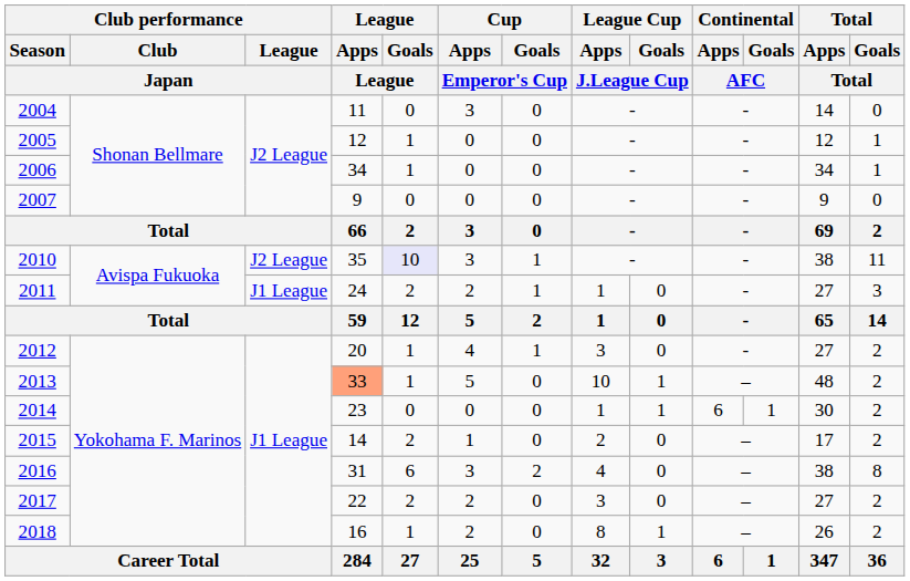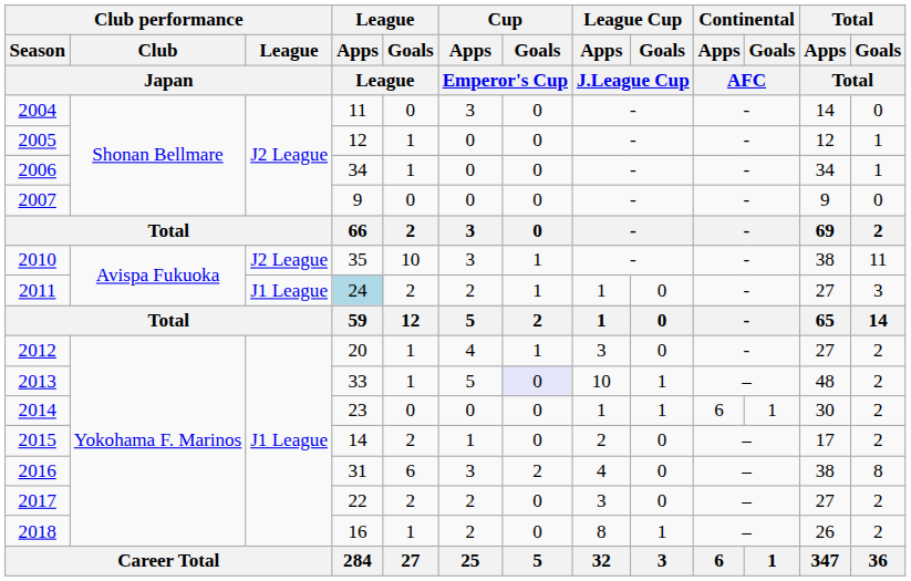 <table class="wikitable" style="text-align:center;">
 <tr>
 <th colspan=3>Club performance</th>
 <th colspan=2>League</th>
 <th colspan=2>Cup</th>
 <th colspan=2>League Cup</th>
 <th colspan=2>Continental</th>
 <th colspan=2>Total</th>
 </tr>
 <tr>
 <th>Season</th>
 <th>Club</th>
 <th>League</th>
 <th>Apps</th>
 <th>Goals</th>
 <th>Apps</th>
 <th>Goals</th>
 <th>Apps</th>
 <th>Goals</th>
 <th>Apps</th>
 <th>Goals</th>
 <th>Apps</th>
 <th>Goals</th>
 </tr>
 <tr>
 <th colspan=3>Japan</th>
 <th colspan=2>League</th>
 <th colspan=2><a href='#'>Emperor's Cup</a></th>
 <th colspan=2><a href='#'>J.League Cup</a></th>
 <th colspan=2><a href='#'>AFC</a></th>
 <th colspan=2>Total</th>
 </tr>
 <tr>
 <td><a href='#'>2004</a></td>
 <td rowspan="4"><a href='#'>Shonan Bellmare</a></td>
 <td rowspan="4"><a href='#'>J2 League</a></td>
 <td>11</td>
 <td>0</td>
 <td>3</td>
 <td>0</td>
 <td colspan="2">-</td>
 <td colspan="2">-</td>
 <td>14</td>
 <td>0</td>
 </tr>
 <tr>
 <td><a href='#'>2005</a></td>
 <td>12</td>
 <td>1</td>
 <td>0</td>
 <td>0</td>
 <td colspan="2">-</td>
 <td colspan="2">-</td>
 <td>12</td>
 <td>1</td>
 </tr>
 <tr>
 <td><a href='#'>2006</a></td>
 <td>34</td>
 <td>1</td>
 <td>0</td>
 <td>0</td>
 <td colspan="2">-</td>
 <td colspan="2">-</td>
 <td>34</td>
 <td>1</td>
 </tr>
 <tr>
 <td><a href='#'>2007</a></td>
 <td>9</td>
 <td>0</td>
 <td>0</td>
 <td>0</td>
 <td colspan="2">-</td>
 <td colspan="2">-</td>
 <td>9</td>
 <td>0</td>
 </tr>
 <tr>
 <th colspan=3>Total</th>
 <th>66</th>
 <th>2</th>
 <th>3</th>
 <th>0</th>
 <th colspan="2">-</th>
 <th colspan="2">-</th>
 <th>69</th>
 <th>2</th>
 </tr>
 <tr>
 <td><a href='#'>2010</a></td>
 <td rowspan="2"><a href='#'>Avispa Fukuoka</a></td>
 <td><a href='#'>J2 League</a></td>
 <td>35</td>
-<td style="background: lavender;">10</td>
+<td>10</td>
 <td>3</td>
 <td>1</td>
 <td colspan="2">-</td>
 <td colspan="2">-</td>
 <td>38</td>
 <td>11</td>
 </tr>
 <tr>
 <td><a href='#'>2011</a></td>
 <td><a href='#'>J1 League</a></td>
-<td>24</td>
+<td style="background: lightblue;">24</td>
 <td>2</td>
 <td>2</td>
 <td>1</td>
 <td>1</td>
 <td>0</td>
 <td colspan="2">-</td>
 <td>27</td>
 <td>3</td>
 </tr>
 <tr>
 <th colspan=3>Total</th>
 <th>59</th>
 <th>12</th>
 <th>5</th>
 <th>2</th>
 <th>1</th>
 <th>0</th>
 <th colspan="2">-</th>
 <th>65</th>
 <th>14</th>
 </tr>
 <tr>
 <td><a href='#'>2012</a></td>
 <td rowspan="7"><a href='#'>Yokohama F. Marinos</a></td>
 <td rowspan="7"><a href='#'>J1 League</a></td>
 <td>20</td>
 <td>1</td>
 <td>4</td>
 <td>1</td>
 <td>3</td>
 <td>0</td>
 <td colspan="2">-</td>
 <td>27</td>
 <td>2</td>
 </tr>
 <tr>
 <td><a href='#'>2013</a></td>
-<td style="background: lightsalmon;">33</td>
+<td>33</td>
 <td>1</td>
 <td>5</td>
-<td>0</td>
+<td style="background: lavender;">0</td>
 <td>10</td>
 <td>1</td>
 <td colspan="2">–</td>
 <td>48</td>
 <td>2</td>
 </tr>
 <tr>
 <td><a href='#'>2014</a></td>
 <td>23</td>
 <td>0</td>
 <td>0</td>
 <td>0</td>
 <td>1</td>
 <td>1</td>
 <td>6</td>
 <td>1</td>
 <td>30</td>
 <td>2</td>
 </tr>
 <tr>
 <td><a href='#'>2015</a></td>
 <td>14</td>
 <td>2</td>
 <td>1</td>
 <td>0</td>
 <td>2</td>
 <td>0</td>
 <td colspan="2">–</td>
 <td>17</td>
 <td>2</td>
 </tr>
 <tr>
 <td><a href='#'>2016</a></td>
 <td>31</td>
 <td>6</td>
 <td>3</td>
 <td>2</td>
 <td>4</td>
 <td>0</td>
 <td colspan="2">–</td>
 <td>38</td>
 <td>8</td>
 </tr>
 <tr>
 <td><a href='#'>2017</a></td>
 <td>22</td>
 <td>2</td>
 <td>2</td>
 <td>0</td>
 <td>3</td>
 <td>0</td>
 <td colspan="2">–</td>
 <td>27</td>
 <td>2</td>
 </tr>
 <tr>
 <td><a href='#'>2018</a></td>
 <td>16</td>
 <td>1</td>
 <td>2</td>
 <td>0</td>
 <td>8</td>
 <td>1</td>
 <td colspan="2">–</td>
 <td>26</td>
 <td>2</td>
 </tr>
 <tr>
 <th colspan=3>Career Total</th>
 <th>284</th>
 <th>27</th>
 <th>25</th>
 <th>5</th>
 <th>32</th>
 <th>3</th>
 <th>6</th>
 <th>1</th>
 <th>347</th>
 <th>36</th>
 </tr>
 </table>
